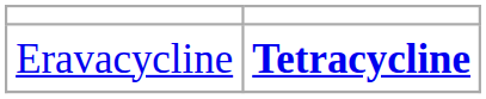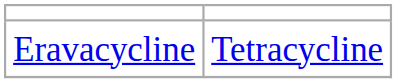 <table align="center"  class="wikitable" style="background-color:white;">
 <tr>
 <td></td>
 <td valign="top"></td>
 </tr>
 <tr>
 <td><a href='#'>Eravacycline</a></td>
-<td><strong><a href='#'>Tetracycline</a></strong></td>
+<td><a href='#'>Tetracycline</a></td>
 </tr>
 <tr>
 </tr>
 </table>
